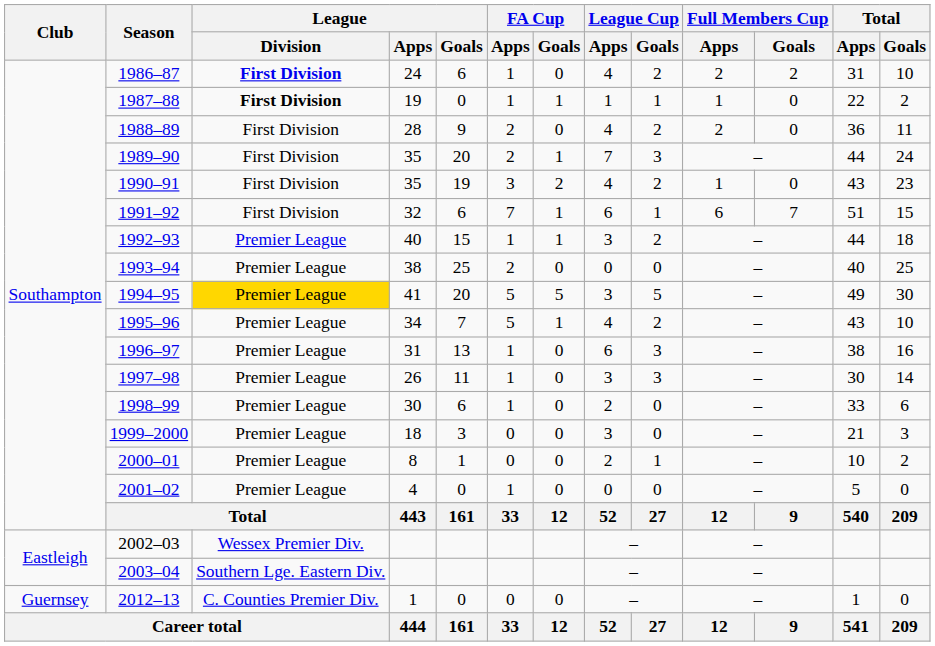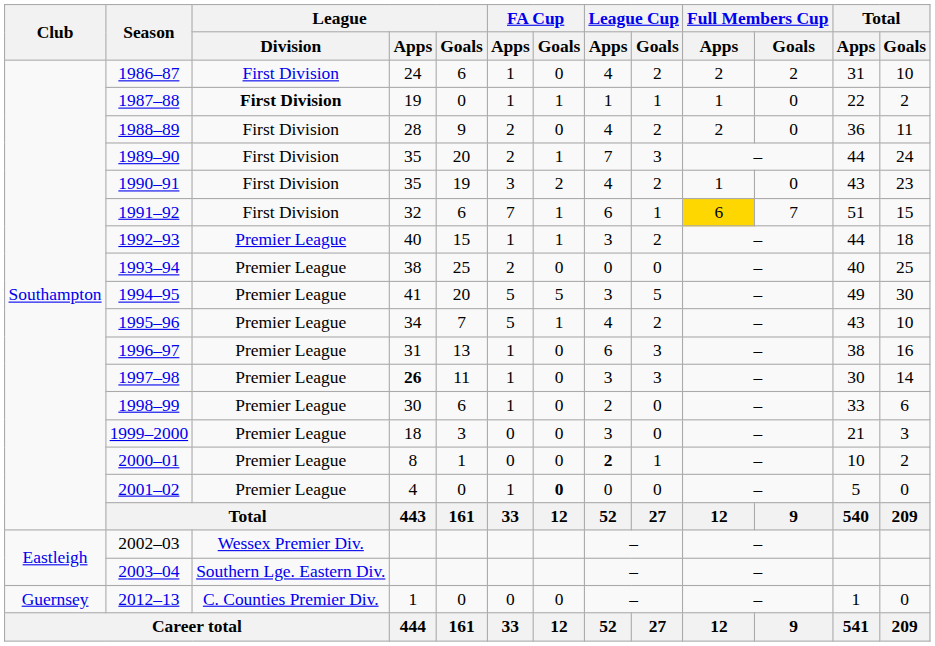 <table class="wikitable" style="text-align:center">
 <tr>
 <th rowspan="2">Club</th>
 <th rowspan="2">Season</th>
 <th colspan="3">League</th>
 <th colspan="2"><a href='#'>FA Cup</a></th>
 <th colspan="2"><a href='#'>League Cup</a></th>
 <th colspan="2"><a href='#'>Full Members Cup</a></th>
 <th colspan="2">Total</th>
 </tr>
 <tr>
 <th>Division</th>
 <th>Apps</th>
 <th>Goals</th>
 <th>Apps</th>
 <th>Goals</th>
 <th>Apps</th>
 <th>Goals</th>
 <th>Apps</th>
 <th>Goals</th>
 <th>Apps</th>
 <th>Goals</th>
 </tr>
 <tr>
 <td rowspan="17"><a href='#'>Southampton</a></td>
 <td><a href='#'>1986–87</a></td>
-<td><strong><a href='#'>First Division</a></strong></td>
+<td><a href='#'>First Division</a></td>
 <td>24</td>
 <td>6</td>
 <td>1</td>
 <td>0</td>
 <td>4</td>
 <td>2</td>
 <td>2</td>
 <td>2</td>
 <td>31</td>
 <td>10</td>
 </tr>
 <tr>
 <td><a href='#'>1987–88</a></td>
 <td><strong>First Division</strong></td>
 <td>19</td>
 <td>0</td>
 <td>1</td>
 <td>1</td>
 <td>1</td>
 <td>1</td>
 <td>1</td>
 <td>0</td>
 <td>22</td>
 <td>2</td>
 </tr>
 <tr>
 <td><a href='#'>1988–89</a></td>
 <td>First Division</td>
 <td>28</td>
 <td>9</td>
 <td>2</td>
 <td>0</td>
 <td>4</td>
 <td>2</td>
 <td>2</td>
 <td>0</td>
 <td>36</td>
 <td>11</td>
 </tr>
 <tr>
 <td><a href='#'>1989–90</a></td>
 <td>First Division</td>
 <td>35</td>
 <td>20</td>
 <td>2</td>
 <td>1</td>
 <td>7</td>
 <td>3</td>
 <td colspan="2">–</td>
 <td>44</td>
 <td>24</td>
 </tr>
 <tr>
 <td><a href='#'>1990–91</a></td>
 <td>First Division</td>
 <td>35</td>
 <td>19</td>
 <td>3</td>
 <td>2</td>
 <td>4</td>
 <td>2</td>
 <td>1</td>
 <td>0</td>
 <td>43</td>
 <td>23</td>
 </tr>
 <tr>
 <td><a href='#'>1991–92</a></td>
 <td>First Division</td>
 <td>32</td>
 <td>6</td>
 <td>7</td>
 <td>1</td>
 <td>6</td>
 <td>1</td>
-<td>6</td>
+<td style="background: gold;">6</td>
 <td>7</td>
 <td>51</td>
 <td>15</td>
 </tr>
 <tr>
 <td><a href='#'>1992–93</a></td>
 <td><a href='#'>Premier League</a></td>
 <td>40</td>
 <td>15</td>
 <td>1</td>
 <td>1</td>
 <td>3</td>
 <td>2</td>
 <td colspan="2">–</td>
 <td>44</td>
 <td>18</td>
 </tr>
 <tr>
 <td><a href='#'>1993–94</a></td>
 <td>Premier League</td>
 <td>38</td>
 <td>25</td>
 <td>2</td>
 <td>0</td>
 <td>0</td>
 <td>0</td>
 <td colspan="2">–</td>
 <td>40</td>
 <td>25</td>
 </tr>
 <tr>
 <td><a href='#'>1994–95</a></td>
-<td style="background: gold;">Premier League</td>
+<td>Premier League</td>
 <td>41</td>
 <td>20</td>
 <td>5</td>
 <td>5</td>
 <td>3</td>
 <td>5</td>
 <td colspan="2">–</td>
 <td>49</td>
 <td>30</td>
 </tr>
 <tr>
 <td><a href='#'>1995–96</a></td>
 <td>Premier League</td>
 <td>34</td>
 <td>7</td>
 <td>5</td>
 <td>1</td>
 <td>4</td>
 <td>2</td>
 <td colspan="2">–</td>
 <td>43</td>
 <td>10</td>
 </tr>
 <tr>
 <td><a href='#'>1996–97</a></td>
 <td>Premier League</td>
 <td>31</td>
 <td>13</td>
 <td>1</td>
 <td>0</td>
 <td>6</td>
 <td>3</td>
 <td colspan="2">–</td>
 <td>38</td>
 <td>16</td>
 </tr>
 <tr>
 <td><a href='#'>1997–98</a></td>
 <td>Premier League</td>
-<td>26</td>
+<td><strong>26</strong></td>
 <td>11</td>
 <td>1</td>
 <td>0</td>
 <td>3</td>
 <td>3</td>
 <td colspan="2">–</td>
 <td>30</td>
 <td>14</td>
 </tr>
 <tr>
 <td><a href='#'>1998–99</a></td>
 <td>Premier League</td>
 <td>30</td>
 <td>6</td>
 <td>1</td>
 <td>0</td>
 <td>2</td>
 <td>0</td>
 <td colspan="2">–</td>
 <td>33</td>
 <td>6</td>
 </tr>
 <tr>
 <td><a href='#'>1999–2000</a></td>
 <td>Premier League</td>
 <td>18</td>
 <td>3</td>
 <td>0</td>
 <td>0</td>
 <td>3</td>
 <td>0</td>
 <td colspan="2">–</td>
 <td>21</td>
 <td>3</td>
 </tr>
 <tr>
 <td><a href='#'>2000–01</a></td>
 <td>Premier League</td>
 <td>8</td>
 <td>1</td>
 <td>0</td>
 <td>0</td>
-<td>2</td>
+<td><strong>2</strong></td>
 <td>1</td>
 <td colspan="2">–</td>
 <td>10</td>
 <td>2</td>
 </tr>
 <tr>
 <td><a href='#'>2001–02</a></td>
 <td>Premier League</td>
 <td>4</td>
 <td>0</td>
 <td>1</td>
-<td>0</td>
+<td><strong>0</strong></td>
 <td>0</td>
 <td>0</td>
 <td colspan="2">–</td>
 <td>5</td>
 <td>0</td>
 </tr>
 <tr>
 <th colspan="2">Total</th>
 <th>443</th>
 <th>161</th>
 <th>33</th>
 <th>12</th>
 <th>52</th>
 <th>27</th>
 <th>12</th>
 <th>9</th>
 <th>540</th>
 <th>209</th>
 </tr>
 <tr>
 <td rowspan="2"><a href='#'>Eastleigh</a></td>
 <td>2002–03</td>
 <td><a href='#'>Wessex Premier Div.</a></td>
 <td></td>
 <td></td>
 <td></td>
 <td></td>
 <td colspan="2">–</td>
 <td colspan="2">–</td>
 <td></td>
 <td></td>
 </tr>
 <tr>
 <td><a href='#'>2003–04</a></td>
 <td><a href='#'>Southern Lge. Eastern Div.</a></td>
 <td></td>
 <td></td>
 <td></td>
 <td></td>
 <td colspan="2">–</td>
 <td colspan="2">–</td>
 <td></td>
 <td></td>
 </tr>
 <tr>
 <td><a href='#'>Guernsey</a></td>
 <td><a href='#'>2012–13</a></td>
 <td><a href='#'>C. Counties Premier Div.</a></td>
 <td>1</td>
 <td>0</td>
 <td>0</td>
 <td>0</td>
 <td colspan="2">–</td>
 <td colspan="2">–</td>
 <td>1</td>
 <td>0</td>
 </tr>
 <tr>
 <th colspan="3">Career total</th>
 <th>444</th>
 <th>161</th>
 <th>33</th>
 <th>12</th>
 <th>52</th>
 <th>27</th>
 <th>12</th>
 <th>9</th>
 <th>541</th>
 <th>209</th>
 </tr>
 </table>
